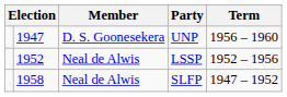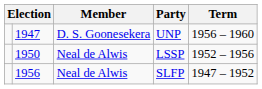 <table class="wikitable">
 <tr>
 <th colspan="2">Election</th>
 <th>Member</th>
 <th>Party</th>
 <th>Term</th>
 </tr>
 <tr>
 <td style="background-color: "></td>
 <td><a href='#'>1947</a></td>
 <td><a href='#'>D. S. Goonesekera</a></td>
 <td><a href='#'>UNP</a></td>
 <td>1956 – 1960</td>
 </tr>
 <tr>
 <td style="background-color: "></td>
-<td><a href='#'>1952</a></td>
+<td><a href='#'>1950</a></td>
 <td><a href='#'>Neal de Alwis</a></td>
 <td><a href='#'>LSSP</a></td>
 <td>1952 – 1956</td>
 </tr>
 <tr>
 <td style="background-color: "></td>
-<td><a href='#'>1958</a></td>
+<td><a href='#'>1956</a></td>
 <td><a href='#'>Neal de Alwis</a></td>
 <td><a href='#'>SLFP</a></td>
 <td>1947 – 1952</td>
 </tr>
 </table>
